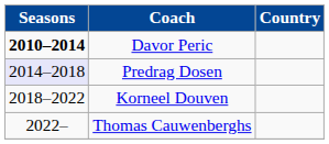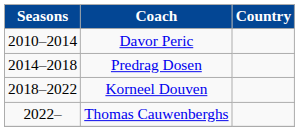 <table class="wikitable" style="text-align: center">
 <tr>
 <th style="color:#FFFFFF; background:#034694">Seasons</th>
 <th style="color:#FFFFFF; background:#034694">Coach</th>
 <th style="color:#FFFFFF; background:#034694">Country</th>
 </tr>
 <tr>
-<td style="text-align: center"><strong>2010–2014</strong></td>
+<td style="text-align: center">2010–2014</td>
 <td style="text-align: center"><a href='#'>Davor Peric</a></td>
 <td style="text-align: center"></td>
 </tr>
 <tr>
-<td style="background: lavender; text-align: center">2014–2018</td>
+<td style="text-align: center">2014–2018</td>
 <td style="text-align: center"><a href='#'>Predrag Dosen</a></td>
 <td style="text-align: center"></td>
 </tr>
 <tr>
 <td style="text-align: center">2018–2022</td>
 <td style="text-align: center"><a href='#'>Korneel Douven</a></td>
 <td style="text-align: center"></td>
 </tr>
 <tr>
 <td style="text-align: center">2022–</td>
 <td style="text-align: center"><a href='#'>Thomas Cauwenberghs</a></td>
 <td style="text-align: center"></td>
 </tr>
 <tr>
 </tr>
 </table>
